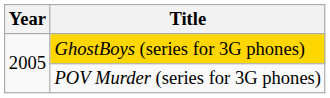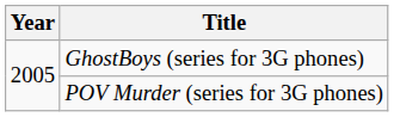 <table class="wikitable sortable">
 <tr>
 <th>Year</th>
 <th>Title</th>
 </tr>
 <tr>
 <td rowspan="2">2005</td>
-<td style="background: gold;"><em>GhostBoys</em> (series for 3G phones)</td>
+<td><em>GhostBoys</em> (series for 3G phones)</td>
 </tr>
 <tr>
 <td><em>POV Murder</em> (series for 3G phones)</td>
 </tr>
 </table>
